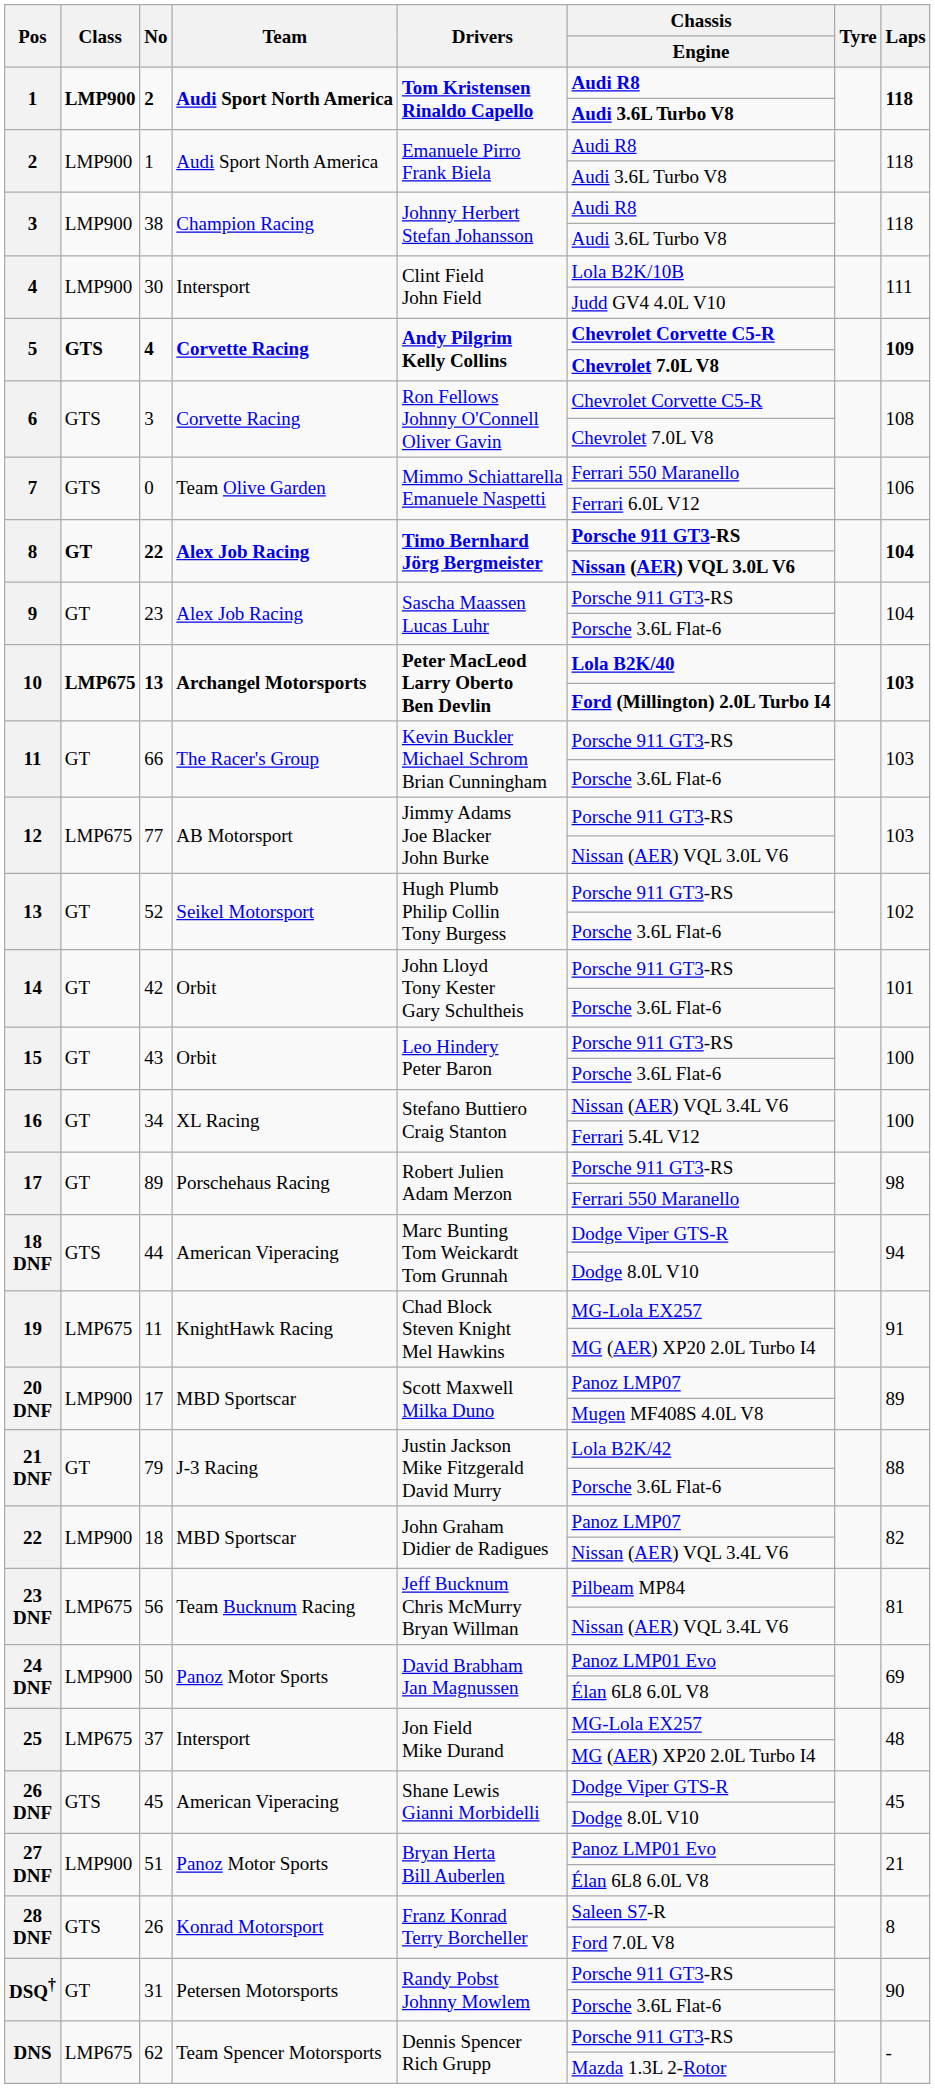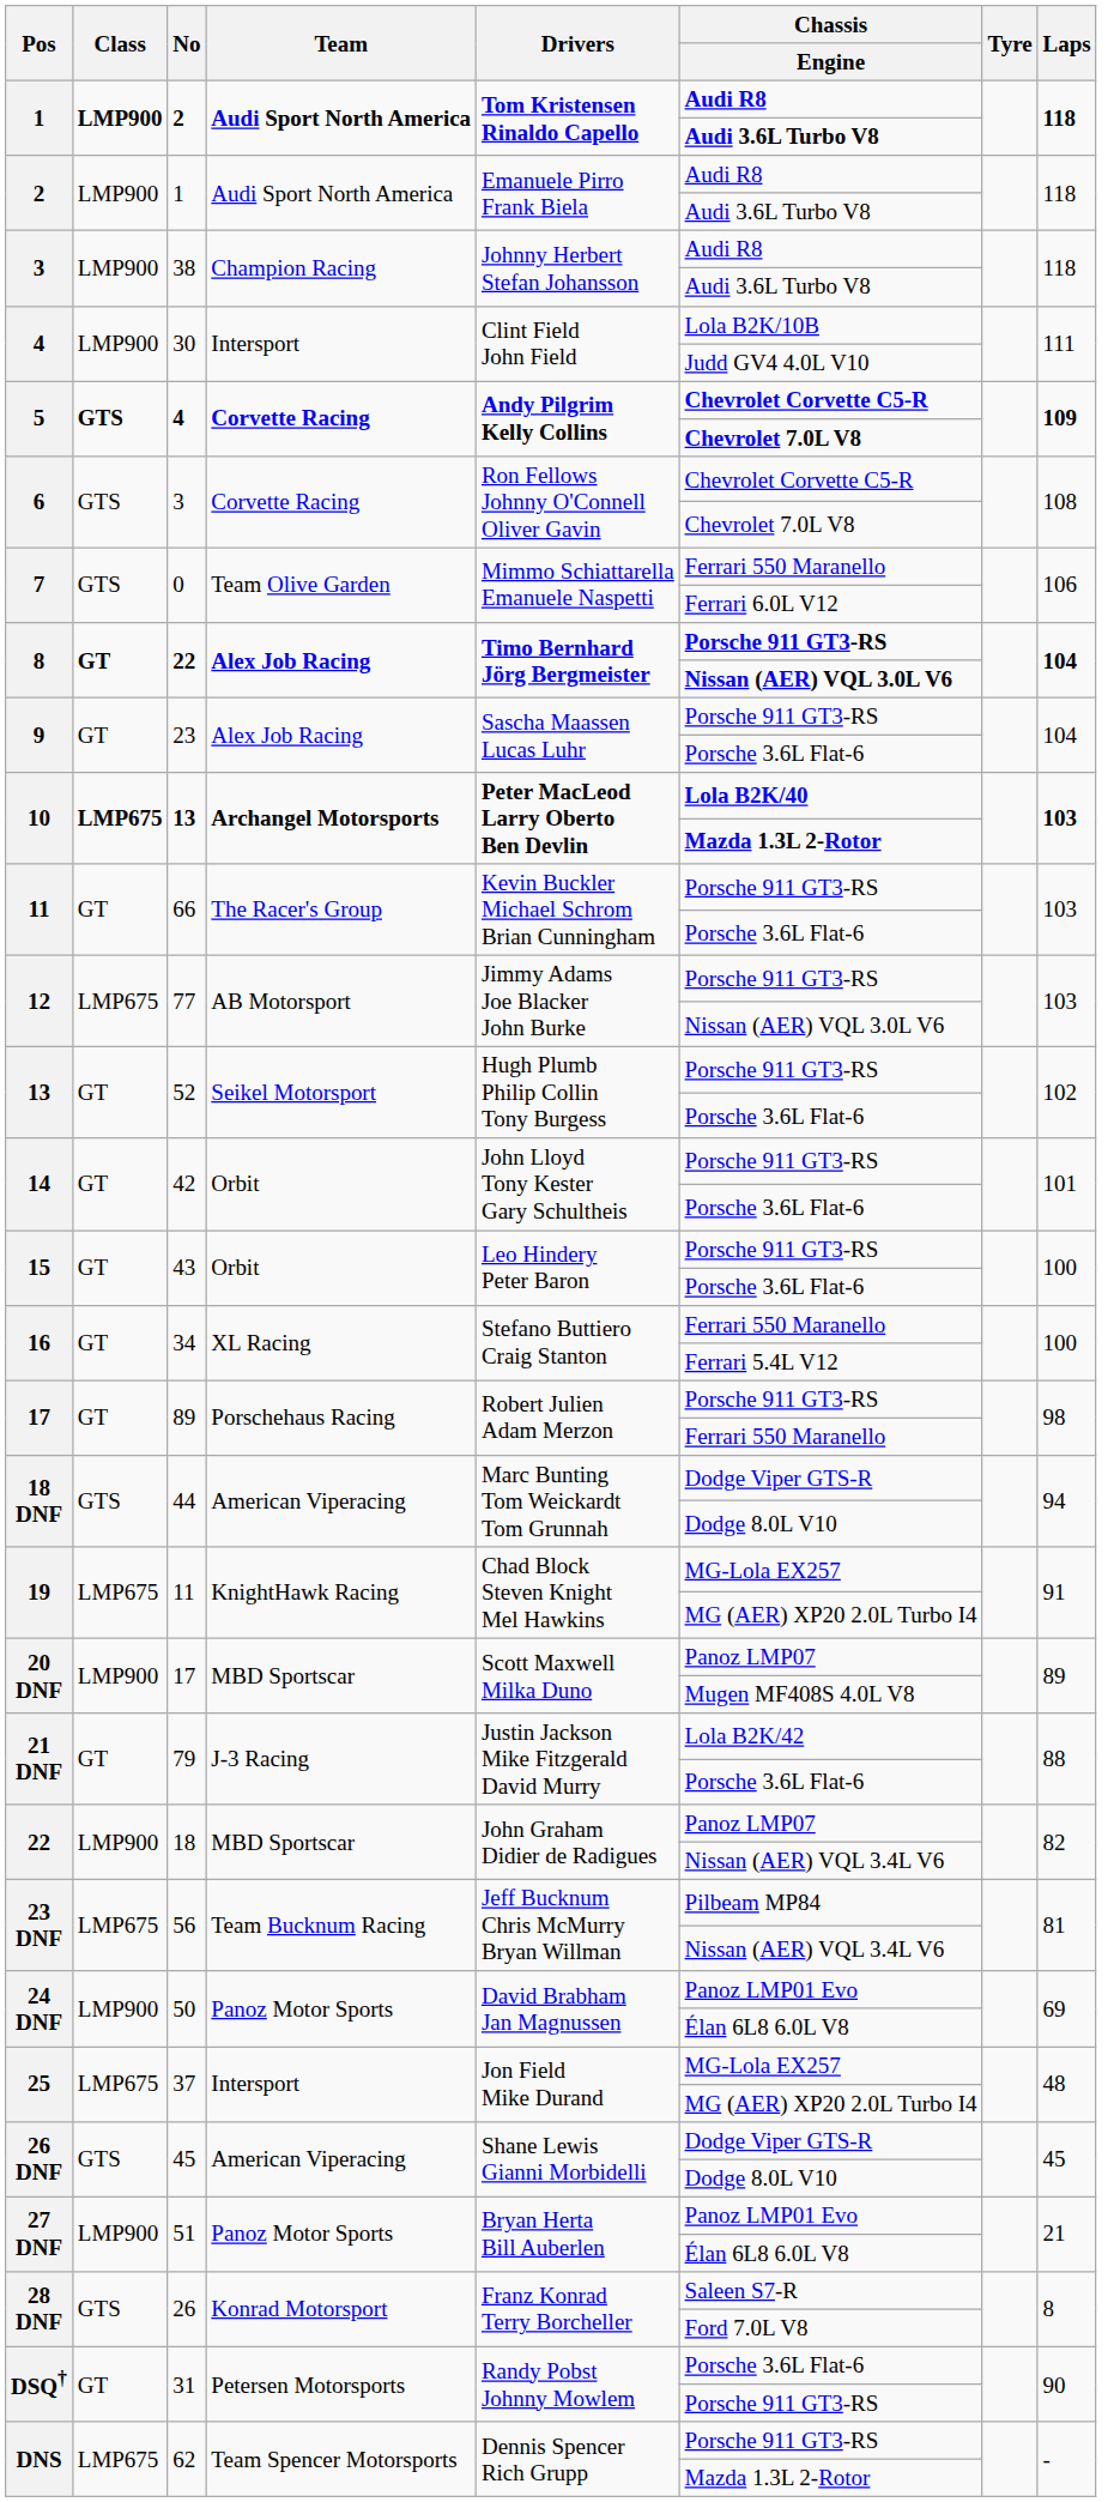 <table class="wikitable" style="font-size: 95%;">
 <tr>
 <th rowspan=2>Pos</th>
 <th rowspan=2>Class</th>
 <th rowspan=2>No</th>
 <th rowspan=2>Team</th>
 <th rowspan=2>Drivers</th>
 <th>Chassis</th>
 <th rowspan=2>Tyre</th>
 <th rowspan=2>Laps</th>
 </tr>
 <tr>
 <th>Engine</th>
 </tr>
 <tr style="font-weight:bold">
 <th rowspan=2>1</th>
 <td rowspan=2>LMP900</td>
 <td rowspan=2>2</td>
 <td rowspan=2> <a href='#'>Audi</a> Sport North America</td>
 <td rowspan=2> <a href='#'>Tom Kristensen</a><br> <a href='#'>Rinaldo Capello</a></td>
 <td><a href='#'>Audi R8</a></td>
 <td rowspan=2></td>
 <td rowspan=2>118</td>
 </tr>
 <tr style="font-weight:bold">
 <td><a href='#'>Audi</a> 3.6L Turbo V8</td>
 </tr>
 <tr>
 <th rowspan=2>2</th>
 <td rowspan=2>LMP900</td>
 <td rowspan=2>1</td>
 <td rowspan=2> <a href='#'>Audi</a> Sport North America</td>
 <td rowspan=2> <a href='#'>Emanuele Pirro</a><br> <a href='#'>Frank Biela</a></td>
 <td><a href='#'>Audi R8</a></td>
 <td rowspan=2></td>
 <td rowspan=2>118</td>
 </tr>
 <tr>
 <td><a href='#'>Audi</a> 3.6L Turbo V8</td>
 </tr>
 <tr>
 <th rowspan=2>3</th>
 <td rowspan=2>LMP900</td>
 <td rowspan=2>38</td>
 <td rowspan=2> <a href='#'>Champion Racing</a></td>
 <td rowspan=2> <a href='#'>Johnny Herbert</a><br> <a href='#'>Stefan Johansson</a></td>
 <td><a href='#'>Audi R8</a></td>
 <td rowspan=2></td>
 <td rowspan=2>118</td>
 </tr>
 <tr>
 <td><a href='#'>Audi</a> 3.6L Turbo V8</td>
 </tr>
 <tr>
 <th rowspan=2>4</th>
 <td rowspan=2>LMP900</td>
 <td rowspan=2>30</td>
 <td rowspan=2> Intersport</td>
 <td rowspan=2> Clint Field<br> John Field</td>
 <td><a href='#'>Lola B2K/10B</a></td>
 <td rowspan=2></td>
 <td rowspan=2>111</td>
 </tr>
 <tr>
 <td><a href='#'>Judd</a> GV4 4.0L V10</td>
 </tr>
 <tr style="font-weight:bold">
 <th rowspan=2>5</th>
 <td rowspan=2>GTS</td>
 <td rowspan=2>4</td>
 <td rowspan=2> <a href='#'>Corvette Racing</a></td>
 <td rowspan=2> <a href='#'>Andy Pilgrim</a><br> Kelly Collins</td>
 <td><a href='#'>Chevrolet Corvette C5-R</a></td>
 <td rowspan=2></td>
 <td rowspan=2>109</td>
 </tr>
 <tr style="font-weight:bold">
 <td><a href='#'>Chevrolet</a> 7.0L V8</td>
 </tr>
 <tr>
 <th rowspan=2>6</th>
 <td rowspan=2>GTS</td>
 <td rowspan=2>3</td>
 <td rowspan=2> <a href='#'>Corvette Racing</a></td>
 <td rowspan=2> <a href='#'>Ron Fellows</a><br> <a href='#'>Johnny O'Connell</a><br> <a href='#'>Oliver Gavin</a></td>
 <td><a href='#'>Chevrolet Corvette C5-R</a></td>
 <td rowspan=2></td>
 <td rowspan=2>108</td>
 </tr>
 <tr>
 <td><a href='#'>Chevrolet</a> 7.0L V8</td>
 </tr>
 <tr>
 <th rowspan=2>7</th>
 <td rowspan=2>GTS</td>
 <td rowspan=2>0</td>
 <td rowspan=2> Team <a href='#'>Olive Garden</a></td>
 <td rowspan=2> <a href='#'>Mimmo Schiattarella</a><br> <a href='#'>Emanuele Naspetti</a></td>
 <td><a href='#'>Ferrari 550 Maranello</a></td>
 <td rowspan=2></td>
 <td rowspan=2>106</td>
 </tr>
 <tr>
 <td><a href='#'>Ferrari</a> 6.0L V12</td>
 </tr>
 <tr style="font-weight:bold">
 <th rowspan=2>8</th>
 <td rowspan=2>GT</td>
 <td rowspan=2>22</td>
 <td rowspan=2> <a href='#'>Alex Job Racing</a></td>
 <td rowspan=2> <a href='#'>Timo Bernhard</a><br> <a href='#'>Jörg Bergmeister</a></td>
 <td><a href='#'>Porsche 911 GT3</a>-RS</td>
 <td rowspan=2></td>
 <td rowspan=2>104</td>
 </tr>
 <tr style="font-weight:bold">
 <td><a href='#'>Nissan</a> (<a href='#'>AER</a>) VQL 3.0L V6</td>
 </tr>
 <tr>
 <th rowspan=2>9</th>
 <td rowspan=2>GT</td>
 <td rowspan=2>23</td>
 <td rowspan=2> <a href='#'>Alex Job Racing</a></td>
 <td rowspan=2> <a href='#'>Sascha Maassen</a><br> <a href='#'>Lucas Luhr</a></td>
 <td><a href='#'>Porsche 911 GT3</a>-RS</td>
 <td rowspan=2></td>
 <td rowspan=2>104</td>
 </tr>
 <tr>
 <td><a href='#'>Porsche</a> 3.6L Flat-6</td>
 </tr>
 <tr style="font-weight:bold">
 <th rowspan=2>10</th>
 <td rowspan=2>LMP675</td>
 <td rowspan=2>13</td>
 <td rowspan=2> Archangel Motorsports</td>
 <td rowspan=2> Peter MacLeod<br> Larry Oberto<br> Ben Devlin</td>
 <td><a href='#'>Lola B2K/40</a></td>
 <td rowspan=2></td>
 <td rowspan=2>103</td>
 </tr>
 <tr style="font-weight:bold">
-<td><a href='#'>Ford</a> (Millington) 2.0L Turbo I4</td>
+<td><a href='#'>Mazda</a> 1.3L 2-<a href='#'>Rotor</a></td>
 </tr>
 <tr>
 <th rowspan=2>11</th>
 <td rowspan=2>GT</td>
 <td rowspan=2>66</td>
 <td rowspan=2> <a href='#'>The Racer's Group</a></td>
 <td rowspan=2> <a href='#'>Kevin Buckler</a><br> <a href='#'>Michael Schrom</a><br> Brian Cunningham</td>
 <td><a href='#'>Porsche 911 GT3</a>-RS</td>
 <td rowspan=2></td>
 <td rowspan=2>103</td>
 </tr>
 <tr>
 <td><a href='#'>Porsche</a> 3.6L Flat-6</td>
 </tr>
 <tr>
 <th rowspan=2>12</th>
 <td rowspan=2>LMP675</td>
 <td rowspan=2>77</td>
 <td rowspan=2> AB Motorsport</td>
 <td rowspan=2> Jimmy Adams<br> Joe Blacker<br> John Burke</td>
 <td><a href='#'>Porsche 911 GT3</a>-RS</td>
 <td rowspan=2></td>
 <td rowspan=2>103</td>
 </tr>
 <tr>
 <td><a href='#'>Nissan</a> (<a href='#'>AER</a>) VQL 3.0L V6</td>
 </tr>
 <tr>
 <th rowspan=2>13</th>
 <td rowspan=2>GT</td>
 <td rowspan=2>52</td>
 <td rowspan=2> <a href='#'>Seikel Motorsport</a></td>
 <td rowspan=2> Hugh Plumb<br> Philip Collin<br> Tony Burgess</td>
 <td><a href='#'>Porsche 911 GT3</a>-RS</td>
 <td rowspan=2></td>
 <td rowspan=2>102</td>
 </tr>
 <tr>
 <td><a href='#'>Porsche</a> 3.6L Flat-6</td>
 </tr>
 <tr>
 <th rowspan=2>14</th>
 <td rowspan=2>GT</td>
 <td rowspan=2>42</td>
 <td rowspan=2> Orbit</td>
 <td rowspan=2> John Lloyd<br> Tony Kester<br> Gary Schultheis</td>
 <td><a href='#'>Porsche 911 GT3</a>-RS</td>
 <td rowspan=2></td>
 <td rowspan=2>101</td>
 </tr>
 <tr>
 <td><a href='#'>Porsche</a> 3.6L Flat-6</td>
 </tr>
 <tr>
 <th rowspan=2>15</th>
 <td rowspan=2>GT</td>
 <td rowspan=2>43</td>
 <td rowspan=2> Orbit</td>
 <td rowspan=2> <a href='#'>Leo Hindery</a><br> Peter Baron</td>
 <td><a href='#'>Porsche 911 GT3</a>-RS</td>
 <td rowspan=2></td>
 <td rowspan=2>100</td>
 </tr>
 <tr>
 <td><a href='#'>Porsche</a> 3.6L Flat-6</td>
 </tr>
 <tr>
 <th rowspan=2>16</th>
 <td rowspan=2>GT</td>
 <td rowspan=2>34</td>
 <td rowspan=2> XL Racing</td>
 <td rowspan=2> Stefano Buttiero<br> Craig Stanton</td>
-<td><a href='#'>Nissan</a> (<a href='#'>AER</a>) VQL 3.4L V6</td>
+<td><a href='#'>Ferrari 550 Maranello</a></td>
 <td rowspan=2></td>
 <td rowspan=2>100</td>
 </tr>
 <tr>
 <td><a href='#'>Ferrari</a> 5.4L V12</td>
 </tr>
 <tr>
 <th rowspan=2>17</th>
 <td rowspan=2>GT</td>
 <td rowspan=2>89</td>
 <td rowspan=2> Porschehaus Racing</td>
 <td rowspan=2> Robert Julien<br> Adam Merzon</td>
 <td><a href='#'>Porsche 911 GT3</a>-RS</td>
 <td rowspan=2></td>
 <td rowspan=2>98</td>
 </tr>
 <tr>
 <td><a href='#'>Ferrari 550 Maranello</a></td>
 </tr>
 <tr>
 <th rowspan=2>18<br>DNF</th>
 <td rowspan=2>GTS</td>
 <td rowspan=2>44</td>
 <td rowspan=2> American Viperacing</td>
 <td rowspan=2> Marc Bunting<br> Tom Weickardt<br> Tom Grunnah</td>
 <td><a href='#'>Dodge Viper GTS-R</a></td>
 <td rowspan=2></td>
 <td rowspan=2>94</td>
 </tr>
 <tr>
 <td><a href='#'>Dodge</a> 8.0L V10</td>
 </tr>
 <tr>
 <th rowspan=2>19</th>
 <td rowspan=2>LMP675</td>
 <td rowspan=2>11</td>
 <td rowspan=2> KnightHawk Racing</td>
 <td rowspan=2> Chad Block<br> Steven Knight<br> Mel Hawkins</td>
 <td><a href='#'>MG-Lola EX257</a></td>
 <td rowspan=2></td>
 <td rowspan=2>91</td>
 </tr>
 <tr>
 <td><a href='#'>MG</a> (<a href='#'>AER</a>) XP20 2.0L Turbo I4</td>
 </tr>
 <tr>
 <th rowspan=2>20<br>DNF</th>
 <td rowspan=2>LMP900</td>
 <td rowspan=2>17</td>
 <td rowspan=2> MBD Sportscar</td>
 <td rowspan=2> Scott Maxwell<br> <a href='#'>Milka Duno</a></td>
 <td><a href='#'>Panoz LMP07</a></td>
 <td rowspan=2></td>
 <td rowspan=2>89</td>
 </tr>
 <tr>
 <td><a href='#'>Mugen</a> MF408S 4.0L V8</td>
 </tr>
 <tr>
 <th rowspan=2>21<br>DNF</th>
 <td rowspan=2>GT</td>
 <td rowspan=2>79</td>
 <td rowspan=2> J-3 Racing</td>
 <td rowspan=2> Justin Jackson<br> Mike Fitzgerald<br> David Murry</td>
 <td><a href='#'>Lola B2K/42</a></td>
 <td rowspan=2></td>
 <td rowspan=2>88</td>
 </tr>
 <tr>
 <td><a href='#'>Porsche</a> 3.6L Flat-6</td>
 </tr>
 <tr>
 <th rowspan=2>22</th>
 <td rowspan=2>LMP900</td>
 <td rowspan=2>18</td>
 <td rowspan=2> MBD Sportscar</td>
 <td rowspan=2> John Graham<br> Didier de Radigues</td>
 <td><a href='#'>Panoz LMP07</a></td>
 <td rowspan=2></td>
 <td rowspan=2>82</td>
 </tr>
 <tr>
 <td><a href='#'>Nissan</a> (<a href='#'>AER</a>) VQL 3.4L V6</td>
 </tr>
 <tr>
 <th rowspan=2>23<br>DNF</th>
 <td rowspan=2>LMP675</td>
 <td rowspan=2>56</td>
 <td rowspan=2> Team <a href='#'>Bucknum</a> Racing</td>
 <td rowspan=2> <a href='#'>Jeff Bucknum</a><br> Chris McMurry<br> Bryan Willman</td>
 <td><a href='#'>Pilbeam</a> MP84</td>
 <td rowspan=2></td>
 <td rowspan=2>81</td>
 </tr>
 <tr>
 <td><a href='#'>Nissan</a> (<a href='#'>AER</a>) VQL 3.4L V6</td>
 </tr>
 <tr>
 <th rowspan=2>24<br>DNF</th>
 <td rowspan=2>LMP900</td>
 <td rowspan=2>50</td>
 <td rowspan=2> <a href='#'>Panoz</a> Motor Sports</td>
 <td rowspan=2> <a href='#'>David Brabham</a><br> <a href='#'>Jan Magnussen</a></td>
 <td><a href='#'>Panoz LMP01 Evo</a></td>
 <td rowspan=2></td>
 <td rowspan=2>69</td>
 </tr>
 <tr>
 <td><a href='#'>Élan</a> 6L8 6.0L V8</td>
 </tr>
 <tr>
 <th rowspan=2>25</th>
 <td rowspan=2>LMP675</td>
 <td rowspan=2>37</td>
 <td rowspan=2> Intersport</td>
 <td rowspan=2> Jon Field<br> Mike Durand</td>
 <td><a href='#'>MG-Lola EX257</a></td>
 <td rowspan=2></td>
 <td rowspan=2>48</td>
 </tr>
 <tr>
 <td><a href='#'>MG</a> (<a href='#'>AER</a>) XP20 2.0L Turbo I4</td>
 </tr>
 <tr>
 <th rowspan=2>26<br>DNF</th>
 <td rowspan=2>GTS</td>
 <td rowspan=2>45</td>
 <td rowspan=2> American Viperacing</td>
 <td rowspan=2> Shane Lewis<br> <a href='#'>Gianni Morbidelli</a></td>
 <td><a href='#'>Dodge Viper GTS-R</a></td>
 <td rowspan=2></td>
 <td rowspan=2>45</td>
 </tr>
 <tr>
 <td><a href='#'>Dodge</a> 8.0L V10</td>
 </tr>
 <tr>
 <th rowspan=2>27<br>DNF</th>
 <td rowspan=2>LMP900</td>
 <td rowspan=2>51</td>
 <td rowspan=2> <a href='#'>Panoz</a> Motor Sports</td>
 <td rowspan=2> <a href='#'>Bryan Herta</a><br> <a href='#'>Bill Auberlen</a></td>
 <td><a href='#'>Panoz LMP01 Evo</a></td>
 <td rowspan=2></td>
 <td rowspan=2>21</td>
 </tr>
 <tr>
 <td><a href='#'>Élan</a> 6L8 6.0L V8</td>
 </tr>
 <tr>
 <th rowspan=2>28<br>DNF</th>
 <td rowspan=2>GTS</td>
 <td rowspan=2>26</td>
 <td rowspan=2> <a href='#'>Konrad Motorsport</a></td>
 <td rowspan=2> <a href='#'>Franz Konrad</a><br> <a href='#'>Terry Borcheller</a></td>
 <td><a href='#'>Saleen S7</a>-R</td>
 <td rowspan=2></td>
 <td rowspan=2>8</td>
 </tr>
 <tr>
 <td><a href='#'>Ford</a> 7.0L V8</td>
 </tr>
 <tr>
 <th rowspan=2>DSQ<sup>†</sup></th>
 <td rowspan=2>GT</td>
 <td rowspan=2>31</td>
 <td rowspan=2> Petersen Motorsports</td>
 <td rowspan=2> <a href='#'>Randy Pobst</a><br> <a href='#'>Johnny Mowlem</a></td>
-<td><a href='#'>Porsche 911 GT3</a>-RS</td>
+<td><a href='#'>Porsche</a> 3.6L Flat-6</td>
 <td rowspan=2></td>
 <td rowspan=2>90</td>
 </tr>
 <tr>
-<td><a href='#'>Porsche</a> 3.6L Flat-6</td>
+<td><a href='#'>Porsche 911 GT3</a>-RS</td>
 </tr>
 <tr>
 <th rowspan=2>DNS</th>
 <td rowspan=2>LMP675</td>
 <td rowspan=2>62</td>
 <td rowspan=2> Team Spencer Motorsports</td>
 <td rowspan=2> Dennis Spencer<br> Rich Grupp</td>
 <td><a href='#'>Porsche 911 GT3</a>-RS</td>
 <td rowspan=2></td>
 <td rowspan=2>-</td>
 </tr>
 <tr>
 <td><a href='#'>Mazda</a> 1.3L 2-<a href='#'>Rotor</a></td>
 </tr>
 </table>
